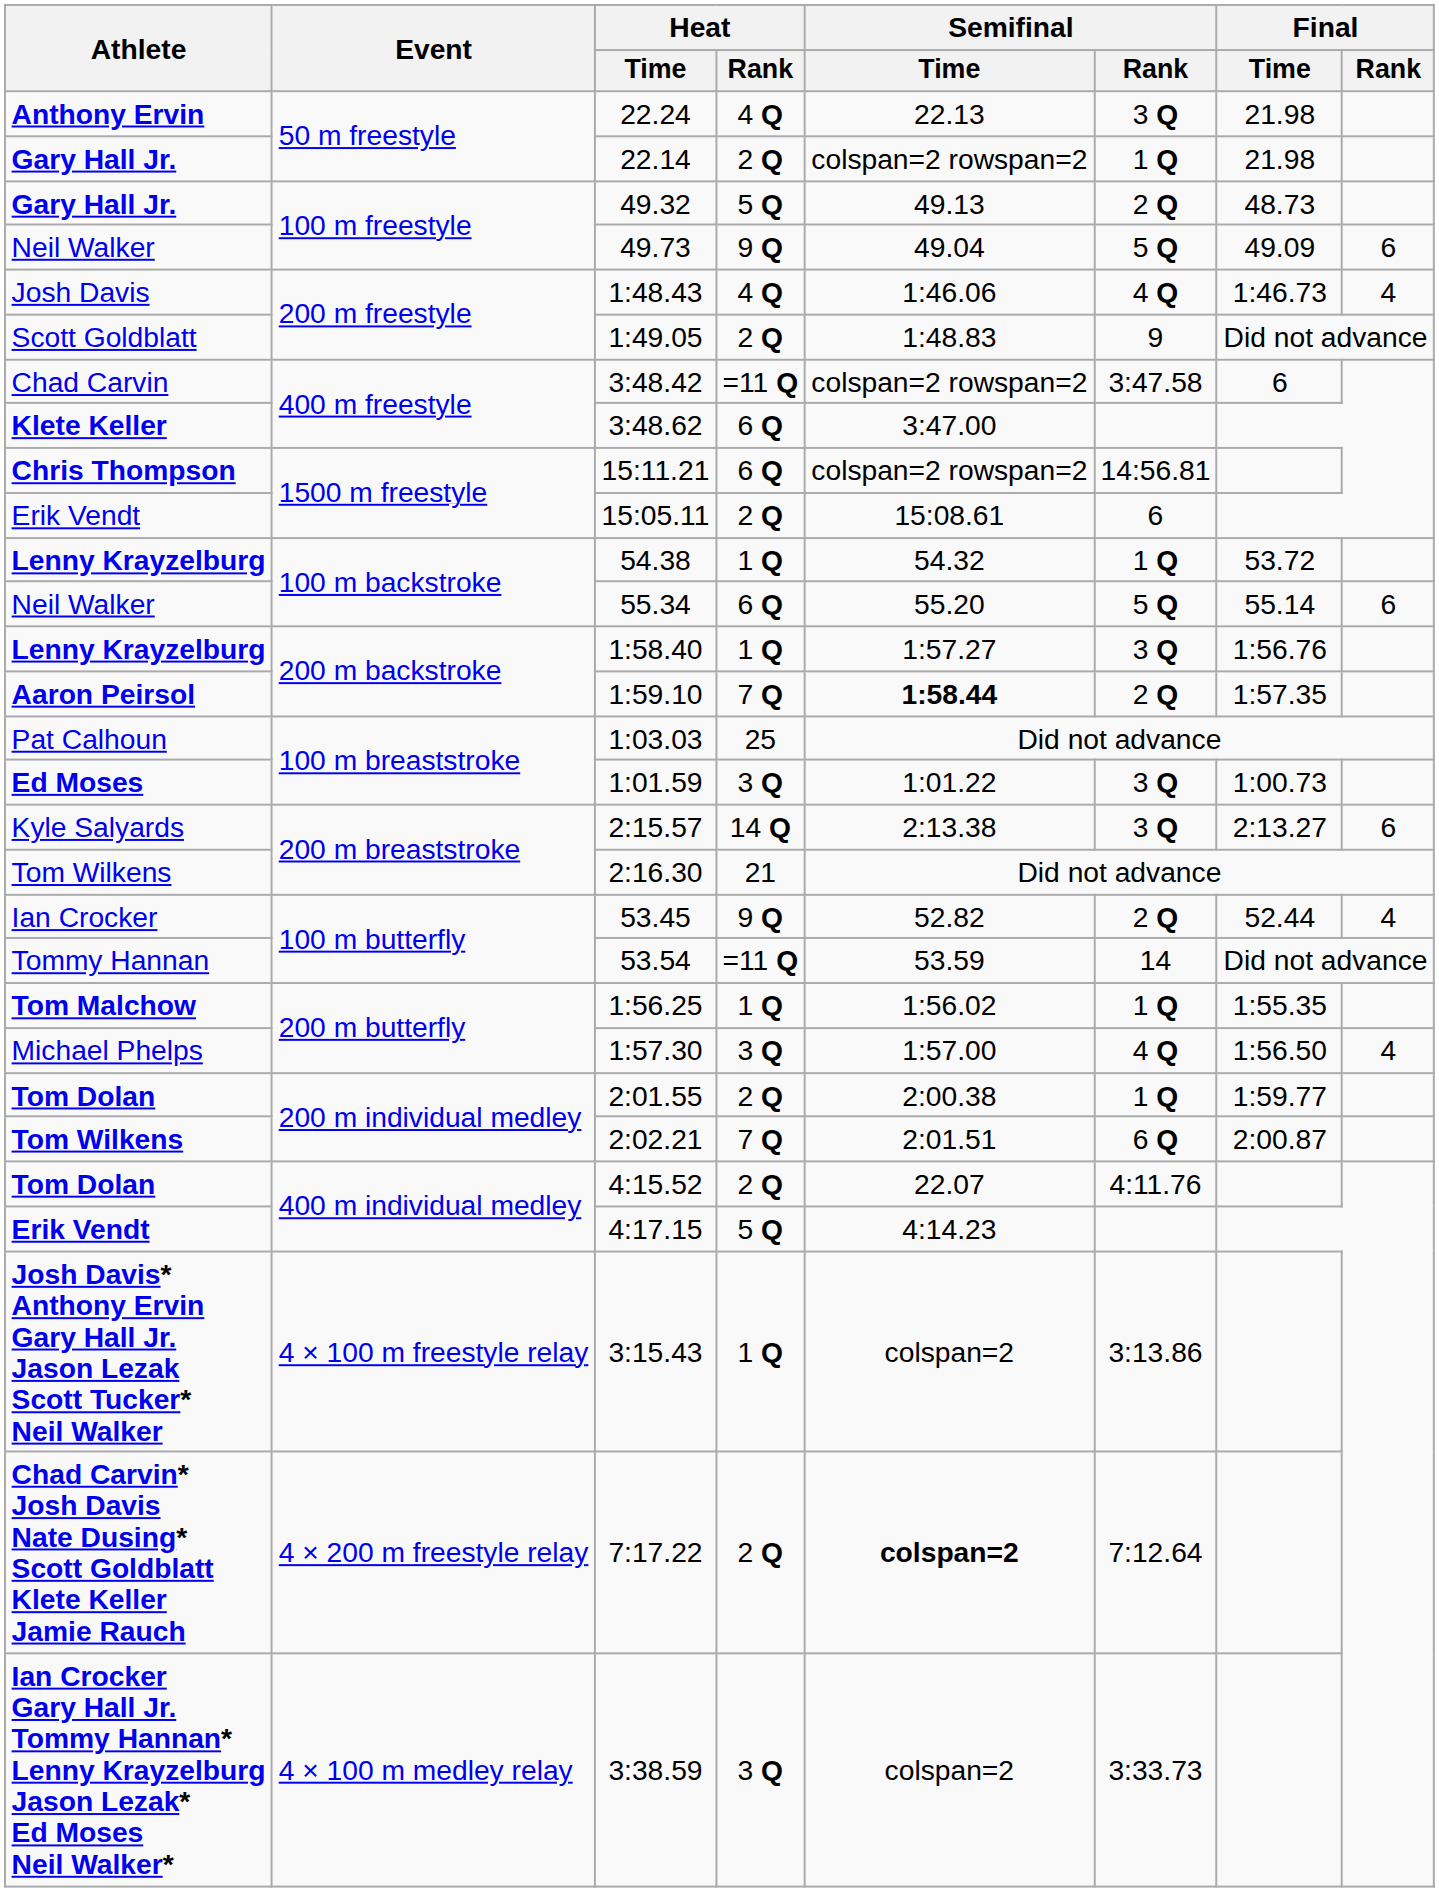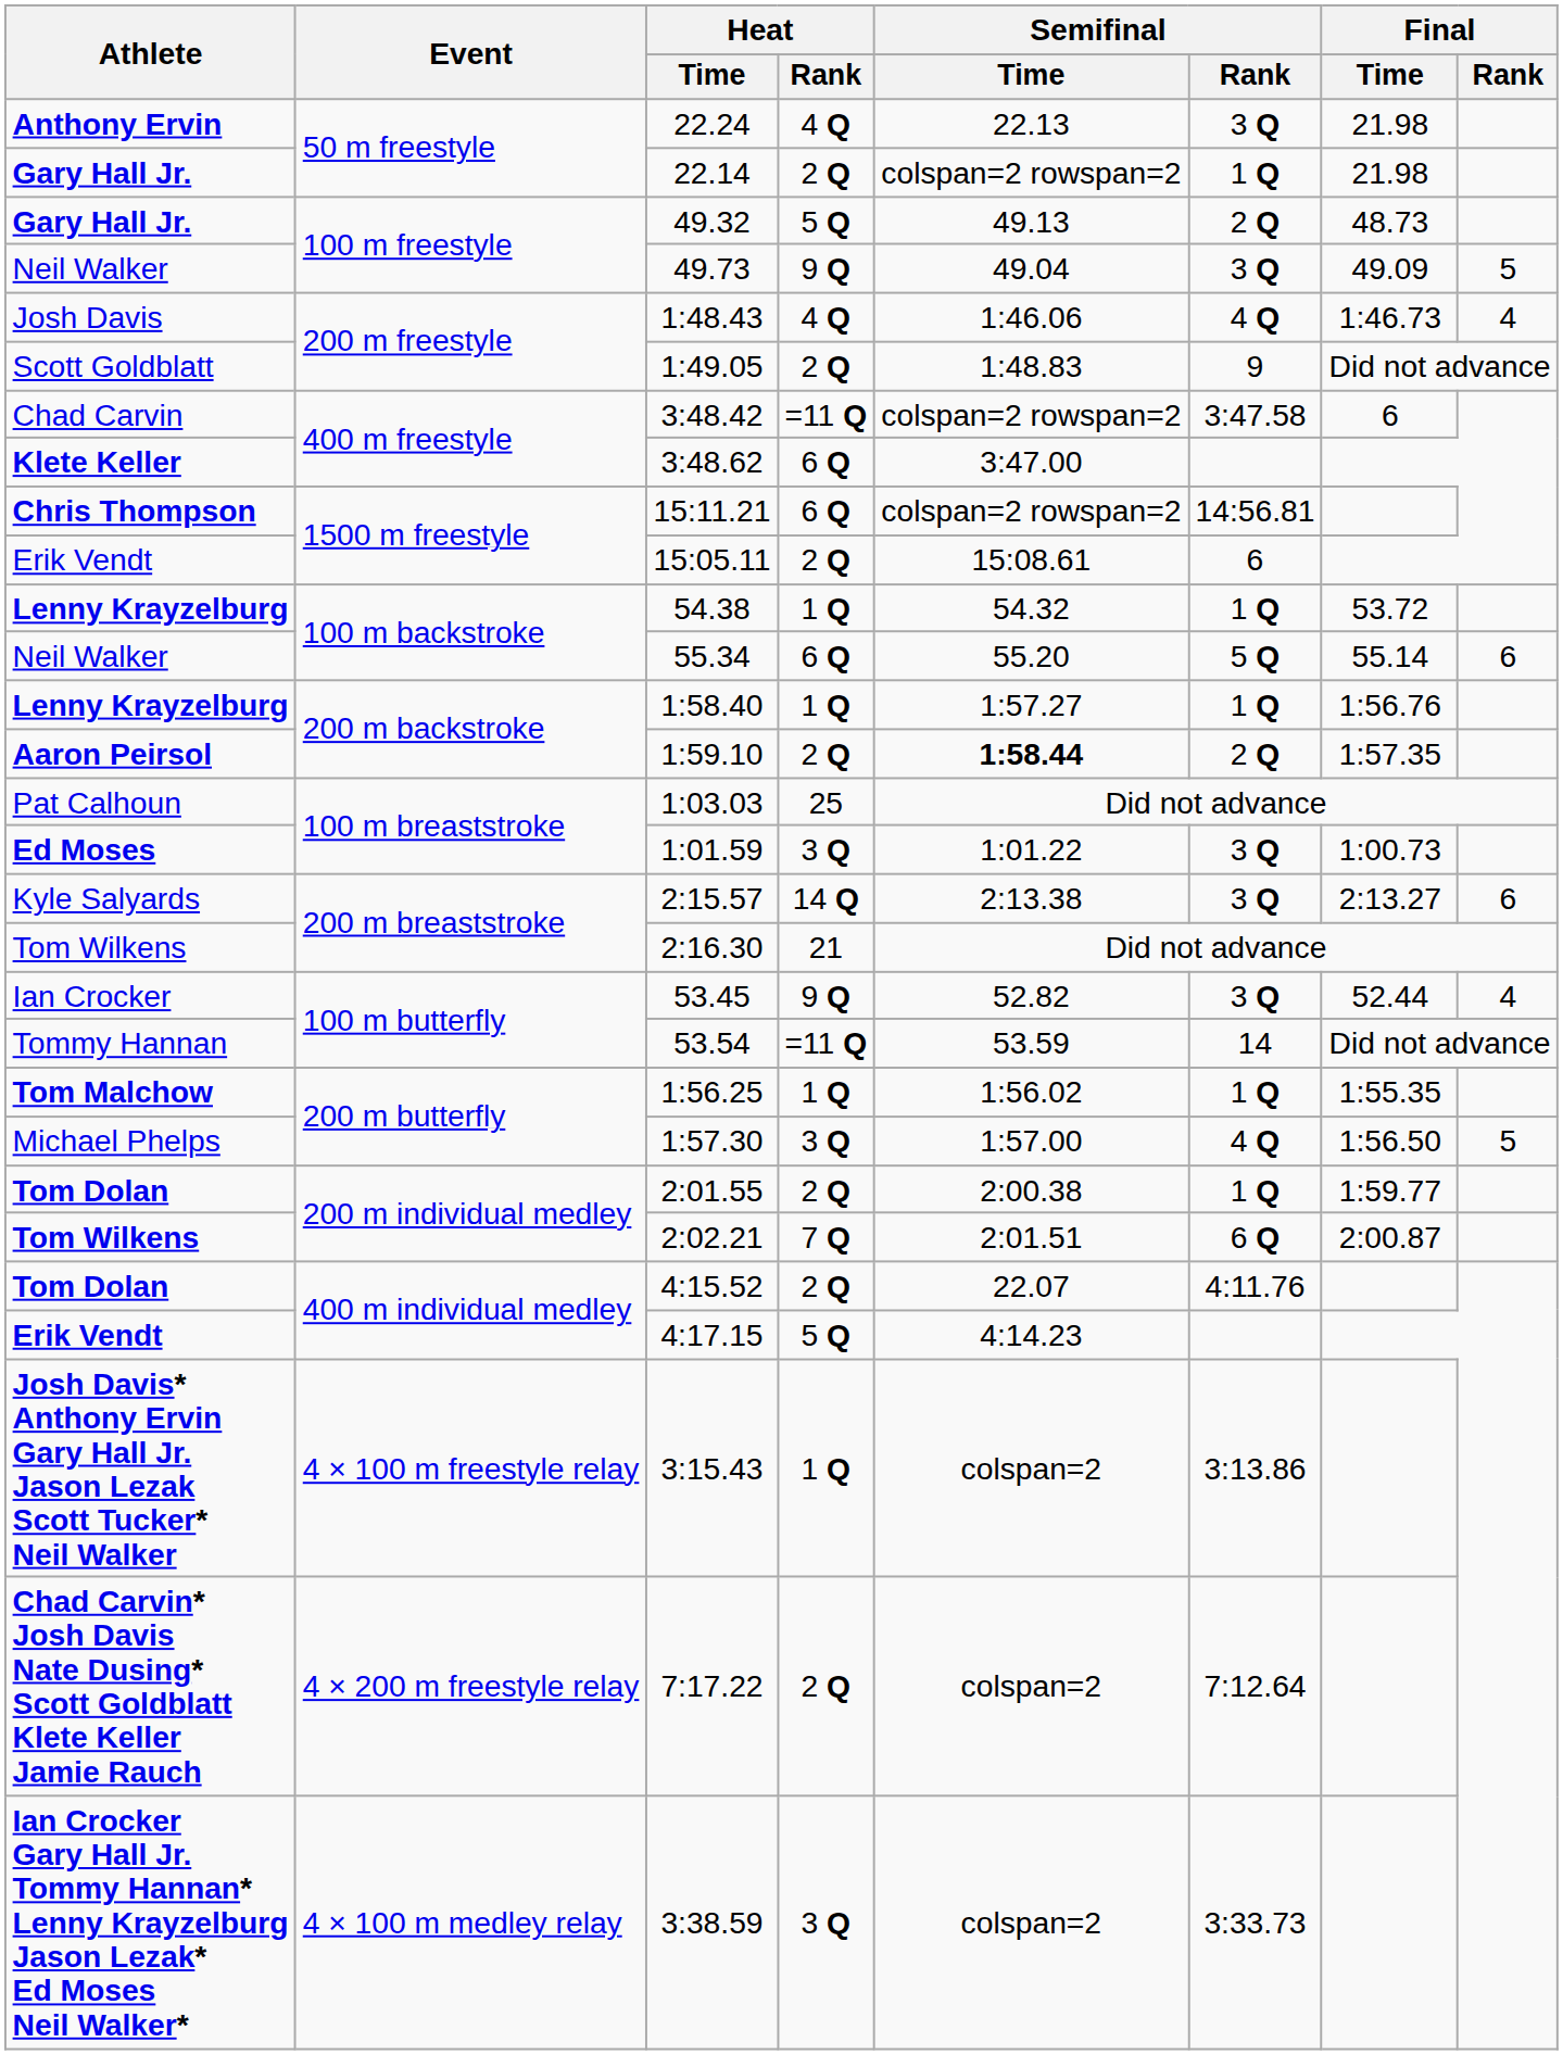 <table class=wikitable style=font-size:90%;text-align:center>
 <tr>
 <th rowspan=2>Athlete</th>
 <th rowspan=2>Event</th>
 <th colspan=2>Heat</th>
 <th colspan=2>Semifinal</th>
 <th colspan=2>Final</th>
 </tr>
 <tr style=font-size:95%>
 <th>Time</th>
 <th>Rank</th>
 <th>Time</th>
 <th>Rank</th>
 <th>Time</th>
 <th>Rank</th>
 </tr>
 <tr>
 <td align=left><strong><a href='#'>Anthony Ervin</a></strong></td>
 <td align=left rowspan=2><a href='#'>50 m freestyle</a></td>
 <td>22.24</td>
 <td>4 <strong>Q</strong></td>
 <td>22.13</td>
 <td>3 <strong>Q</strong></td>
 <td>21.98</td>
 <td></td>
 </tr>
 <tr>
 <td align=left><strong><a href='#'>Gary Hall Jr.</a></strong></td>
 <td>22.14</td>
 <td>2 <strong>Q</strong></td>
 <td>colspan=2 rowspan=2 </td>
 <td>1 <strong>Q</strong></td>
 <td>21.98</td>
 <td></td>
 </tr>
 <tr>
 <td align=left><strong><a href='#'>Gary Hall Jr.</a></strong></td>
 <td align=left rowspan=2><a href='#'>100 m freestyle</a></td>
 <td>49.32</td>
 <td>5 <strong>Q</strong></td>
 <td>49.13</td>
 <td>2 <strong>Q</strong></td>
 <td>48.73</td>
 <td></td>
 </tr>
 <tr>
 <td align=left><a href='#'>Neil Walker</a></td>
 <td>49.73</td>
 <td>9 <strong>Q</strong></td>
 <td>49.04</td>
-<td>5 <strong>Q</strong></td>
+<td>3 <strong>Q</strong></td>
 <td>49.09</td>
-<td>6</td>
+<td>5</td>
 </tr>
 <tr>
 <td align=left><a href='#'>Josh Davis</a></td>
 <td align=left rowspan=2><a href='#'>200 m freestyle</a></td>
 <td>1:48.43</td>
 <td>4 <strong>Q</strong></td>
 <td>1:46.06</td>
 <td>4 <strong>Q</strong></td>
 <td>1:46.73</td>
 <td>4</td>
 </tr>
 <tr>
 <td align=left><a href='#'>Scott Goldblatt</a></td>
 <td>1:49.05</td>
 <td>2 <strong>Q</strong></td>
 <td>1:48.83</td>
 <td>9</td>
 <td colspan=2>Did not advance</td>
 </tr>
 <tr>
 <td align=left><a href='#'>Chad Carvin</a></td>
 <td align=left rowspan=2><a href='#'>400 m freestyle</a></td>
 <td>3:48.42</td>
 <td>=11 <strong>Q</strong></td>
 <td>colspan=2 rowspan=2 </td>
 <td>3:47.58</td>
 <td>6</td>
 </tr>
 <tr>
 <td align=left><strong><a href='#'>Klete Keller</a></strong></td>
 <td>3:48.62</td>
 <td>6 <strong>Q</strong></td>
 <td>3:47.00</td>
 <td></td>
 </tr>
 <tr>
 <td align=left><strong><a href='#'>Chris Thompson</a></strong></td>
 <td align=left rowspan=2><a href='#'>1500 m freestyle</a></td>
 <td>15:11.21</td>
 <td>6 <strong>Q</strong></td>
 <td>colspan=2 rowspan=2 </td>
 <td>14:56.81</td>
 <td></td>
 </tr>
 <tr>
 <td align=left><a href='#'>Erik Vendt</a></td>
 <td>15:05.11</td>
 <td>2 <strong>Q</strong></td>
 <td>15:08.61</td>
 <td>6</td>
 </tr>
 <tr>
 <td align=left><strong><a href='#'>Lenny Krayzelburg</a></strong></td>
 <td align=left rowspan=2><a href='#'>100 m backstroke</a></td>
 <td>54.38</td>
 <td>1 <strong>Q</strong></td>
 <td>54.32</td>
 <td>1 <strong>Q</strong></td>
 <td>53.72 </td>
 <td></td>
 </tr>
 <tr>
 <td align=left><a href='#'>Neil Walker</a></td>
 <td>55.34</td>
 <td>6 <strong>Q</strong></td>
 <td>55.20</td>
 <td>5 <strong>Q</strong></td>
 <td>55.14</td>
 <td>6</td>
 </tr>
 <tr>
 <td align=left><strong><a href='#'>Lenny Krayzelburg</a></strong></td>
 <td align=left rowspan=2><a href='#'>200 m backstroke</a></td>
 <td>1:58.40</td>
 <td>1 <strong>Q</strong></td>
 <td>1:57.27</td>
-<td>3 <strong>Q</strong></td>
+<td>1 <strong>Q</strong></td>
 <td>1:56.76 </td>
 <td></td>
 </tr>
 <tr>
 <td align=left><strong><a href='#'>Aaron Peirsol</a></strong></td>
 <td>1:59.10</td>
-<td>7 <strong>Q</strong></td>
+<td>2 <strong>Q</strong></td>
 <td><strong>1:58.44</strong></td>
 <td>2 <strong>Q</strong></td>
 <td>1:57.35</td>
 <td></td>
 </tr>
 <tr>
 <td align=left><a href='#'>Pat Calhoun</a></td>
 <td align=left rowspan=2><a href='#'>100 m breaststroke</a></td>
 <td>1:03.03</td>
 <td>25</td>
 <td colspan=4>Did not advance</td>
 </tr>
 <tr>
 <td align=left><strong><a href='#'>Ed Moses</a></strong></td>
 <td>1:01.59</td>
 <td>3 <strong>Q</strong></td>
 <td>1:01.22</td>
 <td>3 <strong>Q</strong></td>
 <td>1:00.73</td>
 <td></td>
 </tr>
 <tr>
 <td align=left><a href='#'>Kyle Salyards</a></td>
 <td align=left rowspan=2><a href='#'>200 m breaststroke</a></td>
 <td>2:15.57</td>
 <td>14 <strong>Q</strong></td>
 <td>2:13.38</td>
 <td>3 <strong>Q</strong></td>
 <td>2:13.27</td>
 <td>6</td>
 </tr>
 <tr>
 <td align=left><a href='#'>Tom Wilkens</a></td>
 <td>2:16.30</td>
 <td>21</td>
 <td colspan=4>Did not advance</td>
 </tr>
 <tr>
 <td align=left><a href='#'>Ian Crocker</a></td>
 <td align=left rowspan=2><a href='#'>100 m butterfly</a></td>
 <td>53.45</td>
 <td>9 <strong>Q</strong></td>
 <td>52.82</td>
-<td>2 <strong>Q</strong></td>
+<td>3 <strong>Q</strong></td>
 <td>52.44</td>
 <td>4</td>
 </tr>
 <tr>
 <td align=left><a href='#'>Tommy Hannan</a></td>
 <td>53.54</td>
 <td>=11 <strong>Q</strong></td>
 <td>53.59</td>
 <td>14</td>
 <td colspan=2>Did not advance</td>
 </tr>
 <tr>
 <td align=left><strong><a href='#'>Tom Malchow</a></strong></td>
 <td align=left rowspan=2><a href='#'>200 m butterfly</a></td>
 <td>1:56.25</td>
 <td>1 <strong>Q</strong></td>
 <td>1:56.02</td>
 <td>1 <strong>Q</strong></td>
 <td>1:55.35 </td>
 <td></td>
 </tr>
 <tr>
 <td align=left><a href='#'>Michael Phelps</a></td>
 <td>1:57.30</td>
 <td>3 <strong>Q</strong></td>
 <td>1:57.00</td>
 <td>4 <strong>Q</strong></td>
 <td>1:56.50</td>
-<td>4</td>
+<td>5</td>
 </tr>
 <tr>
 <td align=left><strong><a href='#'>Tom Dolan</a></strong></td>
 <td align=left rowspan=2><a href='#'>200 m individual medley</a></td>
 <td>2:01.55</td>
 <td>2 <strong>Q</strong></td>
 <td>2:00.38</td>
 <td>1 <strong>Q</strong></td>
 <td>1:59.77</td>
 <td></td>
 </tr>
 <tr>
 <td align=left><strong><a href='#'>Tom Wilkens</a></strong></td>
 <td>2:02.21</td>
 <td>7 <strong>Q</strong></td>
 <td>2:01.51</td>
 <td>6 <strong>Q</strong></td>
 <td>2:00.87</td>
 <td></td>
 </tr>
 <tr>
 <td align=left><strong><a href='#'>Tom Dolan</a></strong></td>
 <td align=left rowspan=2><a href='#'>400 m individual medley</a></td>
 <td>4:15.52</td>
 <td>2 <strong>Q</strong></td>
 <td>22.07</td>
 <td>4:11.76 </td>
 <td></td>
 </tr>
 <tr>
 <td align=left><strong><a href='#'>Erik Vendt</a></strong></td>
 <td>4:17.15</td>
 <td>5 <strong>Q</strong></td>
 <td>4:14.23</td>
 <td></td>
 </tr>
 <tr>
 <td align=left><strong><a href='#'>Josh Davis</a>*<br><a href='#'>Anthony Ervin</a><br><a href='#'>Gary Hall Jr.</a><br><a href='#'>Jason Lezak</a><br><a href='#'>Scott Tucker</a>*<br><a href='#'>Neil Walker</a></strong></td>
 <td align=left><a href='#'>4 × 100 m freestyle relay</a></td>
 <td>3:15.43</td>
 <td>1 <strong>Q</strong></td>
 <td>colspan=2 </td>
 <td>3:13.86</td>
 <td></td>
 </tr>
 <tr>
 <td align=left><strong><a href='#'>Chad Carvin</a>*<br><a href='#'>Josh Davis</a><br><a href='#'>Nate Dusing</a>*<br><a href='#'>Scott Goldblatt</a><br><a href='#'>Klete Keller</a><br><a href='#'>Jamie Rauch</a></strong></td>
 <td align=left><a href='#'>4 × 200 m freestyle relay</a></td>
 <td>7:17.22</td>
 <td>2 <strong>Q</strong></td>
-<td><strong>colspan=2 </strong></td>
+<td>colspan=2 </td>
 <td>7:12.64</td>
 <td></td>
 </tr>
 <tr>
 <td align=left><strong><a href='#'>Ian Crocker</a><br><a href='#'>Gary Hall Jr.</a><br><a href='#'>Tommy Hannan</a>*<br><a href='#'>Lenny Krayzelburg</a><br><a href='#'>Jason Lezak</a>*<br><a href='#'>Ed Moses</a><br><a href='#'>Neil Walker</a>*</strong></td>
 <td align=left><a href='#'>4 × 100 m medley relay</a></td>
 <td>3:38.59</td>
 <td>3 <strong>Q</strong></td>
 <td>colspan=2 </td>
 <td>3:33.73 </td>
 <td></td>
 </tr>
 </table>
